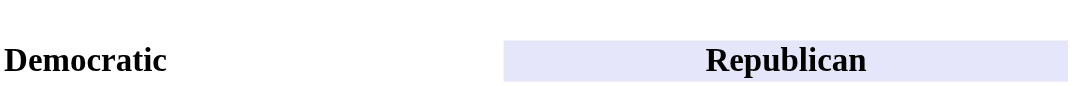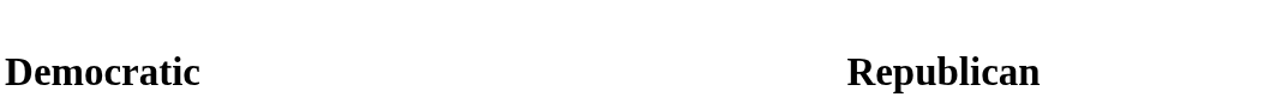 <table style="width:70%; text-align:center">
 <tr style="color:white">
 <td style="background:"><strong>93</strong></td>
 <td style="background:">10</td>
 <td style="background:"><strong>254</strong></td>
 </tr>
 <tr>
 <td><span><strong>Democratic</strong></span></td>
 <td><span></span></td>
-<td style="background: lavender;"><span><strong>Republican</strong></span></td>
+<td><span><strong>Republican</strong></span></td>
 </tr>
 </table>
